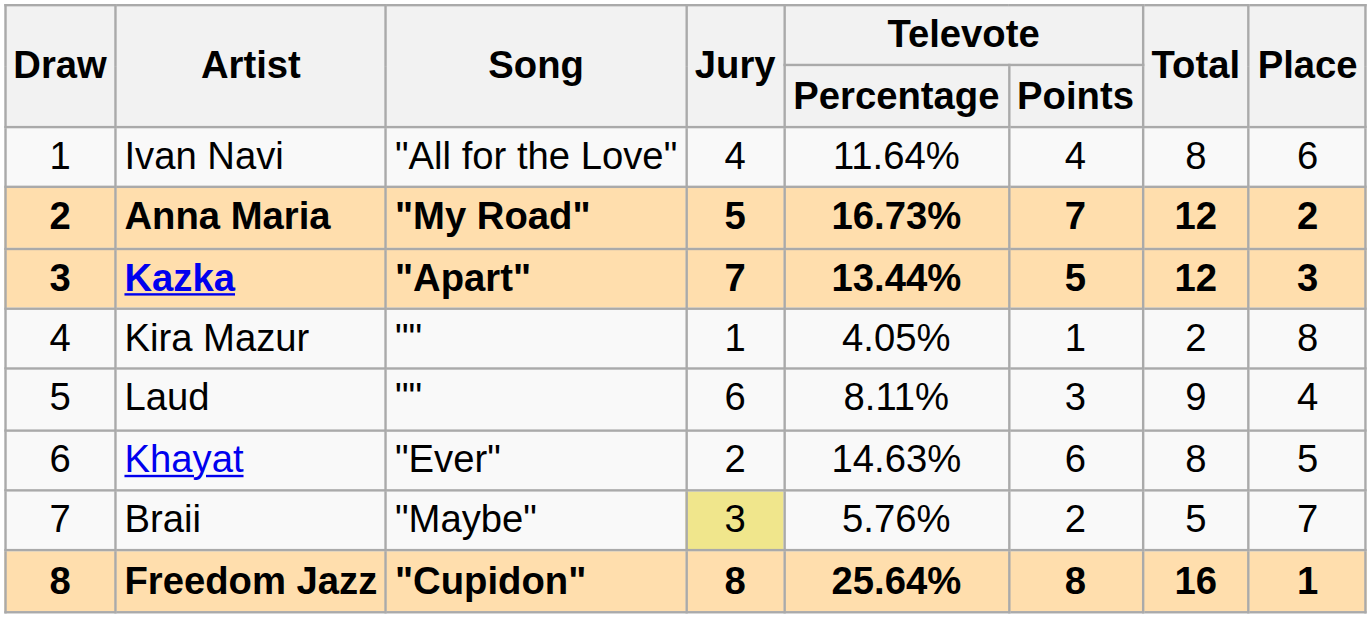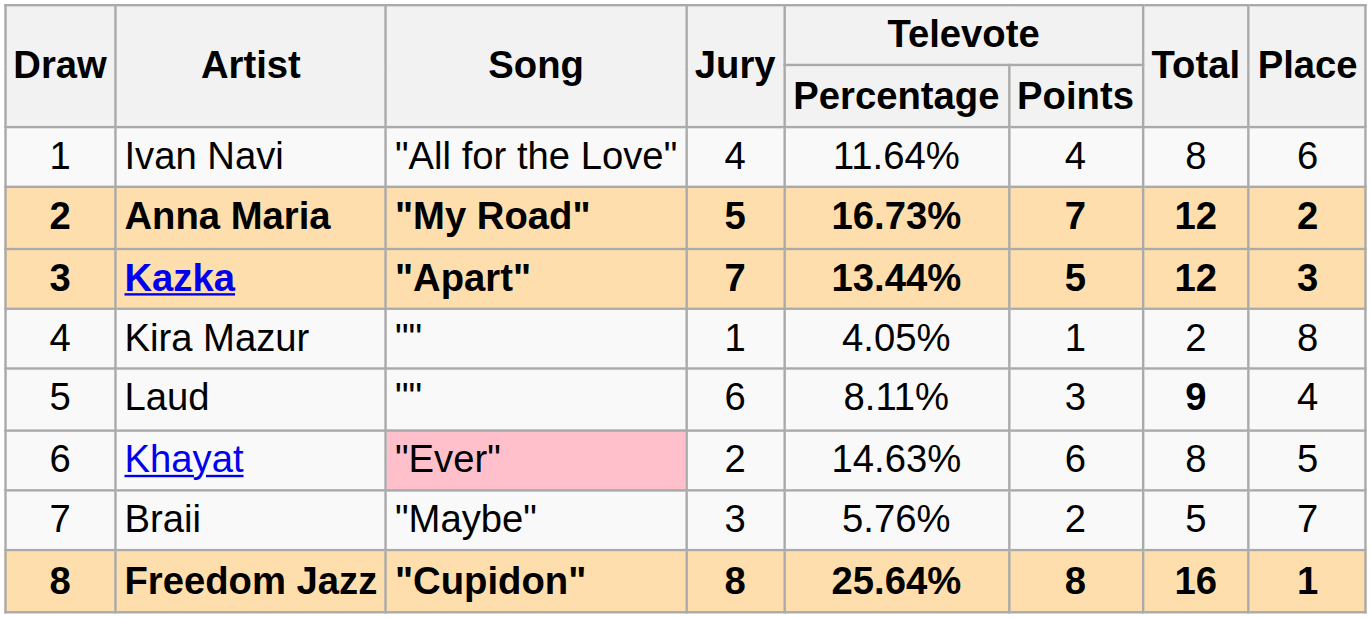 <table class="sortable wikitable" style="margin: 1em auto 1em auto; text-align:center;">
 <tr>
 <th rowspan="2">Draw</th>
 <th rowspan="2">Artist</th>
 <th rowspan="2">Song</th>
 <th rowspan="2">Jury</th>
 <th colspan="2">Televote</th>
 <th rowspan="2">Total</th>
 <th rowspan="2">Place</th>
 </tr>
 <tr>
 <th>Percentage</th>
 <th>Points</th>
 </tr>
 <tr>
 <td>1</td>
 <td align="left">Ivan Navi</td>
 <td align="left">"All for the Love"</td>
 <td>4</td>
 <td>11.64%</td>
 <td>4</td>
 <td>8</td>
 <td>6</td>
 </tr>
 <tr style="font-weight:bold; background:navajowhite;">
 <td>2</td>
 <td align="left">Anna Maria</td>
 <td align="left">"My Road"</td>
 <td>5</td>
 <td>16.73%</td>
 <td>7</td>
 <td>12</td>
 <td>2</td>
 </tr>
 <tr style="font-weight:bold; background:navajowhite;">
 <td>3</td>
 <td align="left"><a href='#'>Kazka</a></td>
 <td align="left">"Apart"</td>
 <td>7</td>
 <td>13.44%</td>
 <td>5</td>
 <td>12</td>
 <td>3</td>
 </tr>
 <tr>
 <td>4</td>
 <td align="left">Kira Mazur</td>
 <td align="left">""</td>
 <td>1</td>
 <td>4.05%</td>
 <td>1</td>
 <td>2</td>
 <td>8</td>
 </tr>
 <tr>
 <td>5</td>
 <td align="left">Laud</td>
 <td align="left">""</td>
 <td>6</td>
 <td>8.11%</td>
 <td>3</td>
-<td>9</td>
+<td><strong>9</strong></td>
 <td>4</td>
 </tr>
 <tr>
 <td>6</td>
 <td align="left"><a href='#'>Khayat</a></td>
-<td align="left">"Ever"</td>
+<td align="left" style="background: pink;">"Ever"</td>
 <td>2</td>
 <td>14.63%</td>
 <td>6</td>
 <td>8</td>
 <td>5</td>
 </tr>
 <tr>
 <td>7</td>
 <td align="left">Braii</td>
 <td align="left">"Maybe"</td>
-<td style="background: khaki;">3</td>
+<td>3</td>
 <td>5.76%</td>
 <td>2</td>
 <td>5</td>
 <td>7</td>
 </tr>
 <tr style="font-weight:bold; background:navajowhite;">
 <td>8</td>
 <td align="left">Freedom Jazz</td>
 <td align="left">"Cupidon"</td>
 <td>8</td>
 <td>25.64%</td>
 <td>8</td>
 <td>16</td>
 <td>1</td>
 </tr>
 </table>
